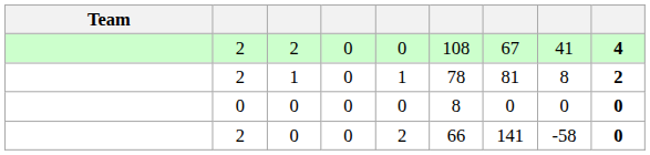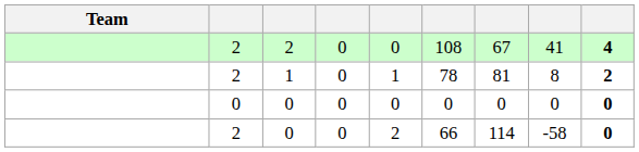 <table class=wikitable style="text-align:center">
 <tr>
 <th width=175>Team</th>
 <th width=40></th>
 <th width=40></th>
 <th width=40></th>
 <th width=40></th>
 <th width=40></th>
 <th width=40></th>
 <th width=40></th>
 <th width=40></th>
 </tr>
 <tr style="background:#ccffcc">
 <td align=left><strong></strong></td>
 <td>2</td>
 <td>2</td>
 <td>0</td>
 <td>0</td>
 <td>108</td>
 <td>67</td>
 <td>41</td>
 <td><strong>4</strong></td>
 </tr>
 <tr style="background:white;">
 <td align=left></td>
 <td>2</td>
 <td>1</td>
 <td>0</td>
 <td>1</td>
 <td>78</td>
 <td>81</td>
 <td>8</td>
 <td><strong>2</strong></td>
 </tr>
 <tr style="background:white;">
 <td align=left></td>
 <td>0</td>
 <td>0</td>
 <td>0</td>
 <td>0</td>
-<td>8</td>
+<td>0</td>
 <td>0</td>
 <td>0</td>
 <td><strong>0</strong></td>
 </tr>
 <tr style="background:white">
 <td align=left></td>
 <td>2</td>
 <td>0</td>
 <td>0</td>
 <td>2</td>
 <td>66</td>
-<td>141</td>
+<td>114</td>
 <td>-58</td>
 <td><strong>0</strong></td>
 </tr>
 </table>
